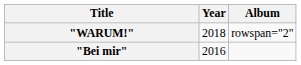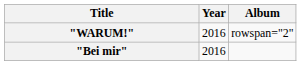 <table class="wikitable plainrowheaders" style="text-align:center;">
 <tr>
 <th scope="col" style="width:16em;">Title</th>
 <th scope="col" style="width:1em;">Year</th>
 <th scope="col">Album</th>
 </tr>
 <tr>
 <th scope="row">"WARUM!"</th>
-<td>2018</td>
+<td>2016</td>
 <td>rowspan="2" </td>
 </tr>
 <tr>
 <th scope="row">"Bei mir"</th>
 <td>2016</td>
 </tr>
 </table>
